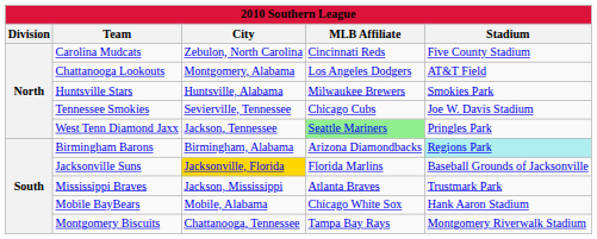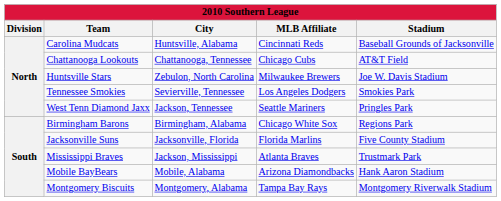 <table class="wikitable" style="width:auto">
 <tr>
 <td bgcolor="#DC143C" align="center" colspan="7"><strong><span>2010 Southern League</span></strong></td>
 </tr>
 <tr>
 <th>Division</th>
 <th>Team</th>
 <th>City</th>
 <th>MLB Affiliate</th>
 <th>Stadium</th>
 </tr>
 <tr>
 <th rowspan="5">North</th>
 <td><a href='#'>Carolina Mudcats</a></td>
-<td><a href='#'>Zebulon, North Carolina</a></td>
+<td><a href='#'>Huntsville, Alabama</a></td>
 <td><a href='#'>Cincinnati Reds</a></td>
-<td><a href='#'>Five County Stadium</a></td>
+<td><a href='#'>Baseball Grounds of Jacksonville</a></td>
 </tr>
 <tr>
 <td><a href='#'>Chattanooga Lookouts</a></td>
-<td><a href='#'>Montgomery, Alabama</a></td>
-<td><a href='#'>Los Angeles Dodgers</a></td>
+<td><a href='#'>Chattanooga, Tennessee</a></td>
+<td><a href='#'>Chicago Cubs</a></td>
 <td><a href='#'>AT&T Field</a></td>
 </tr>
 <tr>
 <td><a href='#'>Huntsville Stars</a></td>
-<td><a href='#'>Huntsville, Alabama</a></td>
+<td><a href='#'>Zebulon, North Carolina</a></td>
 <td><a href='#'>Milwaukee Brewers</a></td>
-<td><a href='#'>Smokies Park</a></td>
+<td><a href='#'>Joe W. Davis Stadium</a></td>
 </tr>
 <tr>
 <td><a href='#'>Tennessee Smokies</a></td>
 <td><a href='#'>Sevierville, Tennessee</a></td>
-<td><a href='#'>Chicago Cubs</a></td>
-<td><a href='#'>Joe W. Davis Stadium</a></td>
+<td><a href='#'>Los Angeles Dodgers</a></td>
+<td><a href='#'>Smokies Park</a></td>
 </tr>
 <tr>
 <td><a href='#'>West Tenn Diamond Jaxx</a></td>
 <td><a href='#'>Jackson, Tennessee</a></td>
-<td style="background: lightgreen;"><a href='#'>Seattle Mariners</a></td>
+<td><a href='#'>Seattle Mariners</a></td>
 <td><a href='#'>Pringles Park</a></td>
 </tr>
 <tr>
 <th rowspan="5">South</th>
 <td><a href='#'>Birmingham Barons</a></td>
 <td><a href='#'>Birmingham, Alabama</a></td>
-<td><a href='#'>Arizona Diamondbacks</a></td>
-<td style="background: paleturquoise;"><a href='#'>Regions Park</a></td>
+<td><a href='#'>Chicago White Sox</a></td>
+<td><a href='#'>Regions Park</a></td>
 </tr>
 <tr>
 <td><a href='#'>Jacksonville Suns</a></td>
-<td style="background: gold;"><a href='#'>Jacksonville, Florida</a></td>
+<td><a href='#'>Jacksonville, Florida</a></td>
 <td><a href='#'>Florida Marlins</a></td>
-<td><a href='#'>Baseball Grounds of Jacksonville</a></td>
+<td><a href='#'>Five County Stadium</a></td>
 </tr>
 <tr>
 <td><a href='#'>Mississippi Braves</a></td>
 <td><a href='#'>Jackson, Mississippi</a></td>
 <td><a href='#'>Atlanta Braves</a></td>
 <td><a href='#'>Trustmark Park</a></td>
 </tr>
 <tr>
 <td><a href='#'>Mobile BayBears</a></td>
 <td><a href='#'>Mobile, Alabama</a></td>
-<td><a href='#'>Chicago White Sox</a></td>
+<td><a href='#'>Arizona Diamondbacks</a></td>
 <td><a href='#'>Hank Aaron Stadium</a></td>
 </tr>
 <tr>
 <td><a href='#'>Montgomery Biscuits</a></td>
-<td><a href='#'>Chattanooga, Tennessee</a></td>
+<td><a href='#'>Montgomery, Alabama</a></td>
 <td><a href='#'>Tampa Bay Rays</a></td>
 <td><a href='#'>Montgomery Riverwalk Stadium</a></td>
 </tr>
 </table>
